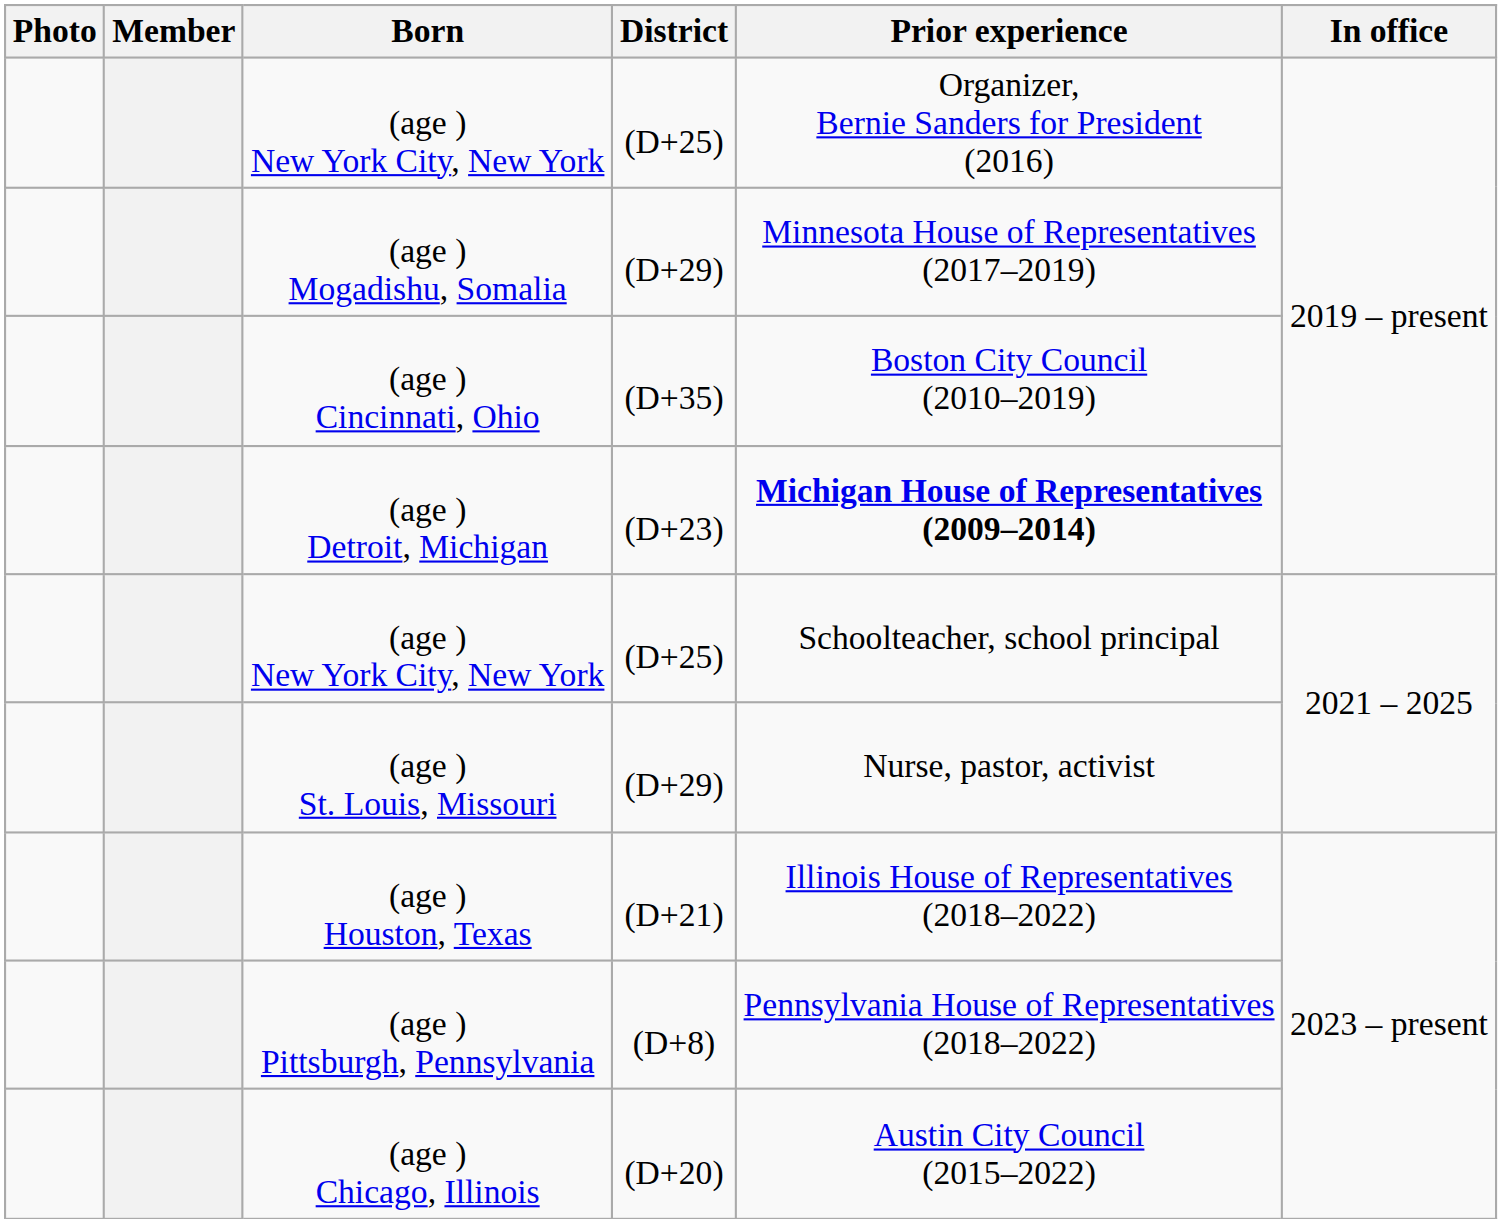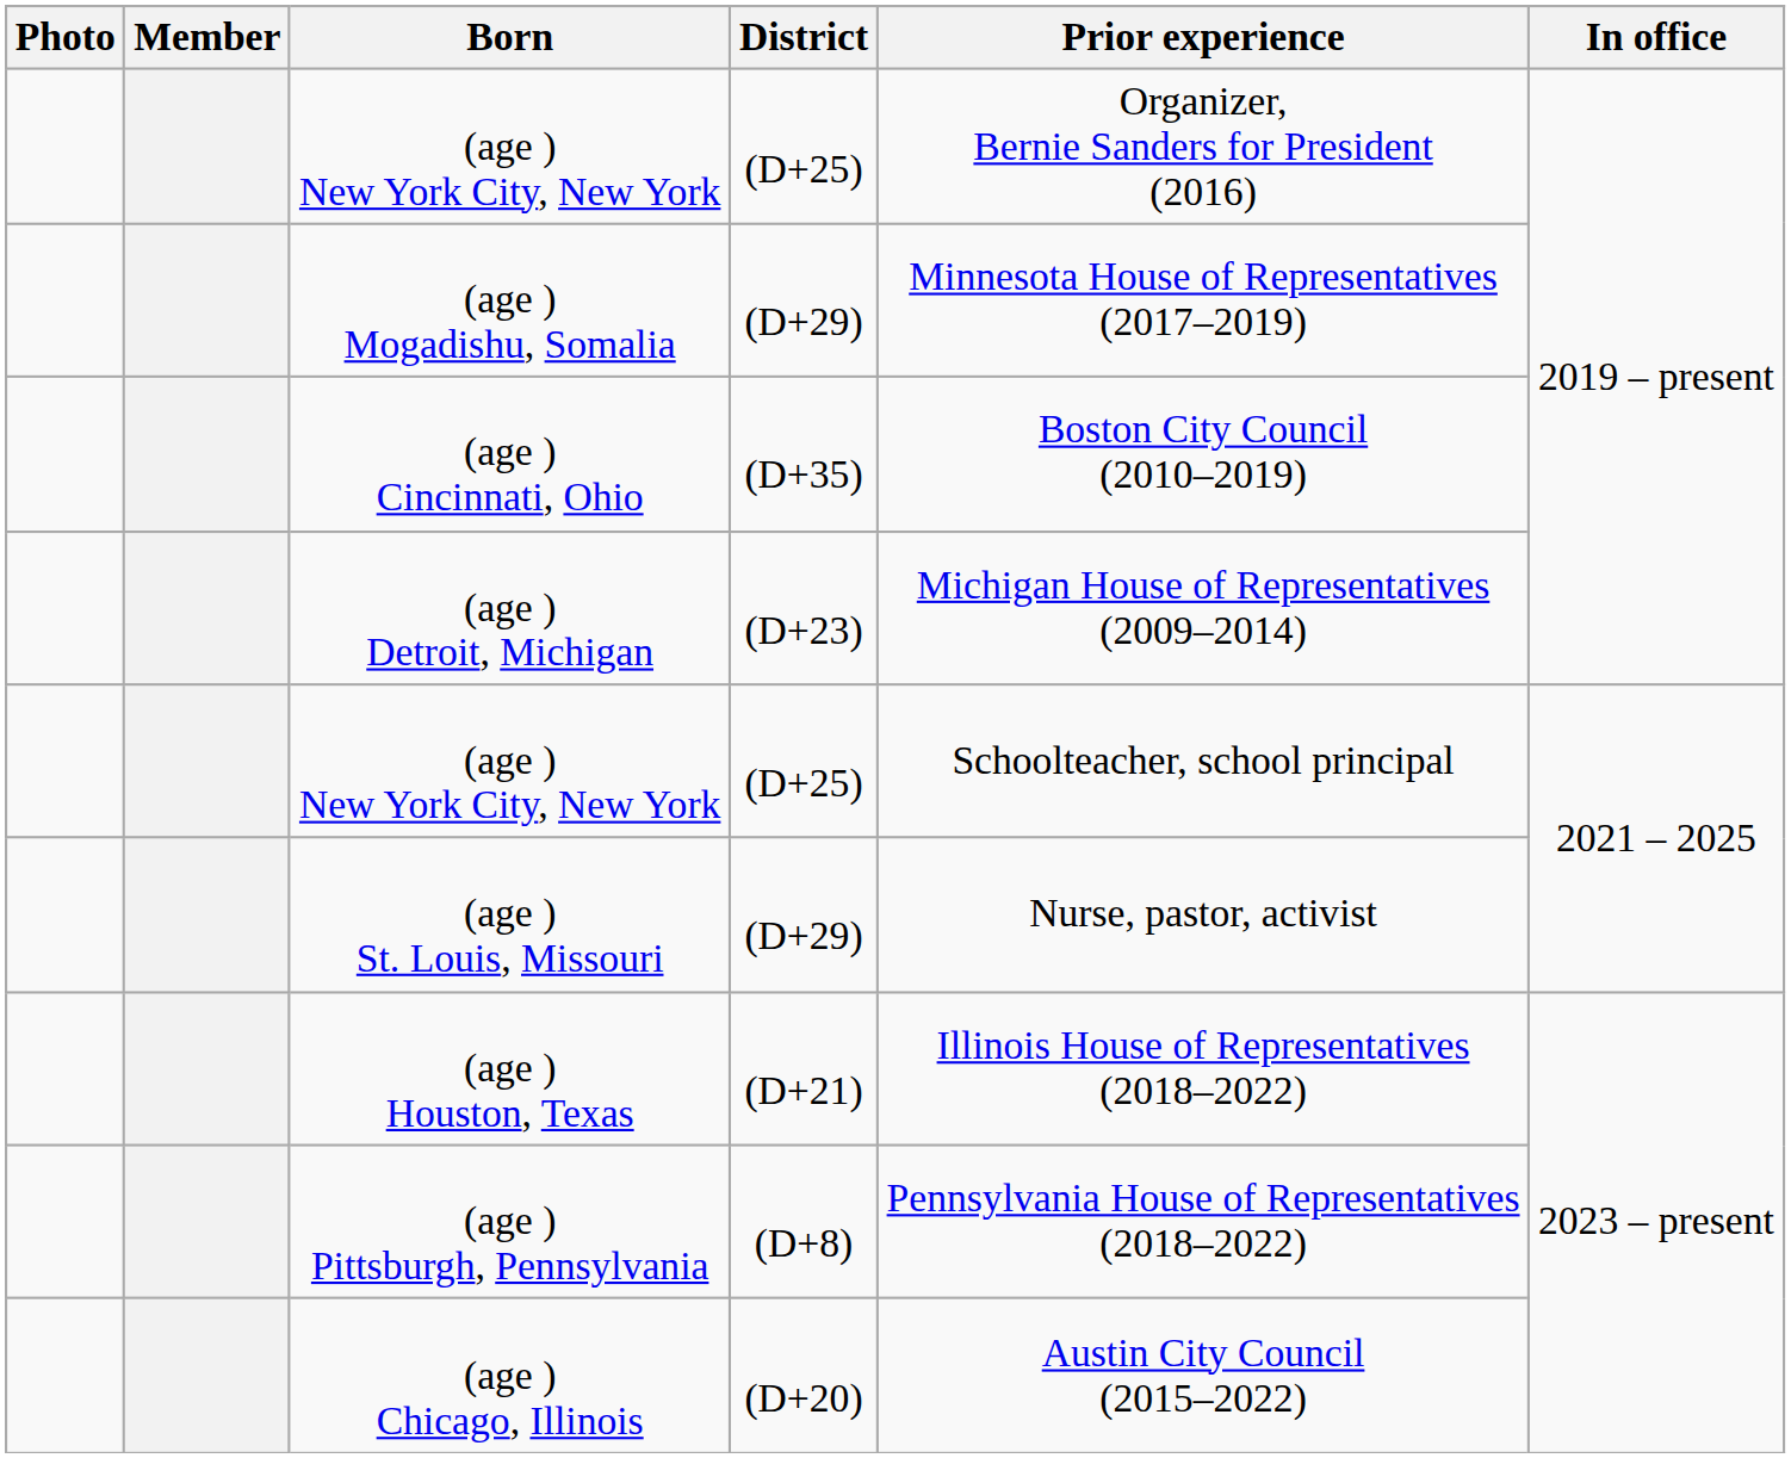 <table class="wikitable sortable plainrowheaders"; style="text-align:center;" id="votingmembers">
 <tr>
 <th scope="col">Photo</th>
 <th scope="col">Member</th>
 <th scope="col">Born</th>
 <th scope="col">District</th>
 <th scope="col">Prior experience</th>
 <th scope="col">In office</th>
 </tr>
 <tr>
 <td scope="row" data-sort-value="Ocasio-Cortez Alexandria"></td>
 <th></th>
 <td><br>(age )<br><a href='#'>New York City</a>, <a href='#'>New York</a></td>
 <td><br>(D+25)</td>
 <td>Organizer,<br> <a href='#'>Bernie Sanders for President</a><br>(2016)</td>
 <td rowspan="4">2019 – present</td>
 </tr>
 <tr>
 <td scope="row" data-sort-value="Omar, Ilhan"></td>
 <th></th>
 <td><br>(age )<br><a href='#'>Mogadishu</a>, <a href='#'>Somalia</a></td>
 <td><br>(D+29)</td>
 <td><a href='#'>Minnesota House of Representatives</a><br>(2017–2019)</td>
 </tr>
 <tr>
 <td scope="row" data-sort-value="Pressley, Ayanna"></td>
 <th></th>
 <td><br>(age )<br><a href='#'>Cincinnati</a>, <a href='#'>Ohio</a></td>
 <td><br>(D+35)</td>
 <td><a href='#'>Boston City Council</a><br>(2010–2019)</td>
 </tr>
 <tr>
 <td scope="row" data-sort-value="Tlaib, Rashida"></td>
 <th></th>
 <td><br>(age )<br><a href='#'>Detroit</a>, <a href='#'>Michigan</a></td>
 <td><br>(D+23)</td>
-<td><strong><a href='#'>Michigan House of Representatives</a><br>(2009–2014)</strong></td>
+<td><a href='#'>Michigan House of Representatives</a><br>(2009–2014)</td>
 </tr>
 <tr>
 <td scope="row" data-sort-value="Bowman, Jamaal"></td>
 <th></th>
 <td><br>(age )<br><a href='#'>New York City</a>, <a href='#'>New York</a></td>
 <td><br>(D+25)</td>
 <td>Schoolteacher, school principal</td>
 <td rowspan="2">2021 – 2025</td>
 </tr>
 <tr>
 <td scope="row" data-sort-value="Bush, Cori"></td>
 <th></th>
 <td><br>(age )<br><a href='#'>St. Louis</a>, <a href='#'>Missouri</a></td>
 <td><br>(D+29)</td>
 <td>Nurse, pastor, activist</td>
 </tr>
 <tr>
 <td scope="row" data-sort-value="Casar, Greg"></td>
 <th></th>
 <td><br>(age )<br><a href='#'>Houston</a>, <a href='#'>Texas</a></td>
 <td><br>(D+21)</td>
 <td><a href='#'>Illinois House of Representatives</a><br>(2018–2022)</td>
 <td rowspan="3">2023 – present</td>
 </tr>
 <tr>
 <td scope="row" data-sort-value="Lee, Summer"></td>
 <th></th>
 <td><br>(age )<br><a href='#'>Pittsburgh</a>, <a href='#'>Pennsylvania</a></td>
 <td><br>(D+8)</td>
 <td><a href='#'>Pennsylvania House of Representatives</a><br>(2018–2022)</td>
 </tr>
 <tr>
 <td scope="row" data-sort-value="Ramirez, Delia"></td>
 <th></th>
 <td><br>(age )<br><a href='#'>Chicago</a>, <a href='#'>Illinois</a></td>
 <td><br>(D+20)</td>
 <td><a href='#'>Austin City Council</a><br>(2015–2022)</td>
 </tr>
 </table>
